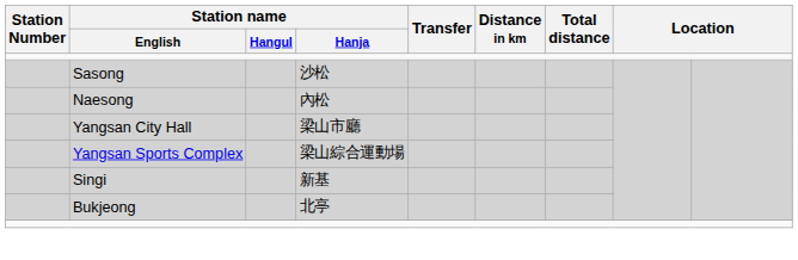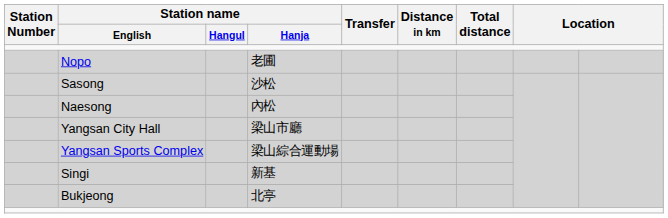 <table class="wikitable">
 <tr>
 <th rowspan=2>Station<br>Number</th>
 <th colspan=3>Station name</th>
 <th rowspan=2>Transfer</th>
 <th rowspan=2>Distance<br><small>in km</small></th>
 <th rowspan=2>Total<br>distance</th>
 <th rowspan=2; colspan=2>Location</th>
 </tr>
 <tr>
 <th><small>English</small></th>
 <th><small><a href='#'>Hangul</a></small></th>
 <th><small><a href='#'>Hanja</a></small></th>
 </tr>
 <tr style="background-color:#">
 <td colspan = "9"></td>
+</tr>
+<tr bgcolor="lightgrey">
+<td></td>
+<td><a href='#'>Nopo</a></td>
+<td></td>
+<td>老圃</td>
+<td></td>
+<td></td>
+<td></td>
+<td width = "75pt" rowspan = "1"></td>
+<td width = "100pt" rowspan = "1"></td>
 </tr>
 <tr bgcolor="lightgrey">
 <td></td>
 <td>Sasong</td>
 <td></td>
 <td>沙松</td>
 <td></td>
 <td></td>
 <td></td>
 <td width = "75pt" rowspan = "6"></td>
 <td width = "100pt" rowspan = "6"></td>
 </tr>
 <tr bgcolor="lightgrey">
 <td></td>
 <td>Naesong</td>
 <td></td>
 <td>內松</td>
 <td></td>
 <td></td>
 <td></td>
 </tr>
 <tr bgcolor="lightgrey">
 <td></td>
 <td>Yangsan City Hall</td>
 <td></td>
 <td>梁山市廳</td>
 <td></td>
 <td></td>
 <td></td>
 </tr>
 <tr bgcolor="lightgrey">
 <td></td>
 <td><a href='#'>Yangsan Sports Complex</a></td>
 <td></td>
 <td>梁山綜合運動場</td>
 <td></td>
 <td></td>
 <td></td>
 </tr>
 <tr bgcolor="lightgrey">
 <td></td>
 <td>Singi</td>
 <td></td>
 <td>新基</td>
 <td></td>
 <td></td>
 <td></td>
 </tr>
 <tr bgcolor="lightgrey">
 <td></td>
 <td>Bukjeong</td>
 <td></td>
 <td>北亭</td>
 <td></td>
 <td></td>
 <td></td>
 </tr>
 <tr style="background-color:#">
 <td colspan = "9"></td>
 </tr>
 </table>
